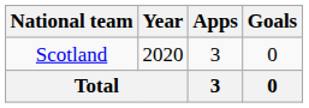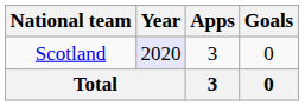 <table class="wikitable" style="text-align:center">
 <tr>
 <th>National team</th>
 <th>Year</th>
 <th>Apps</th>
 <th>Goals</th>
 </tr>
 <tr>
 <td><a href='#'>Scotland</a></td>
-<td>2020</td>
+<td style="background: lavender;">2020</td>
 <td>3</td>
 <td>0</td>
 </tr>
 <tr>
 <th colspan="2">Total</th>
 <th>3</th>
 <th>0</th>
 </tr>
 </table>
